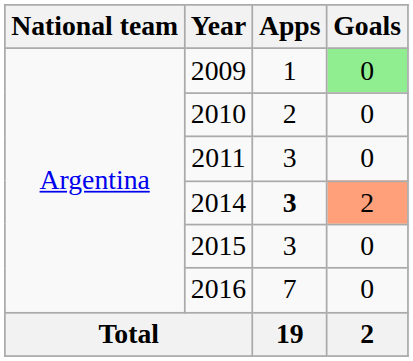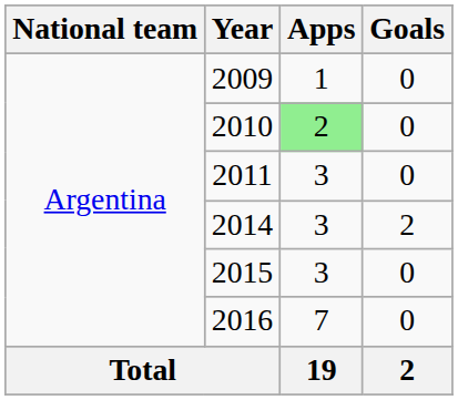 <table class="wikitable" style="text-align:center">
 <tr>
 <th>National team</th>
 <th>Year</th>
 <th>Apps</th>
 <th>Goals</th>
 </tr>
 <tr>
 <td rowspan="6"><a href='#'>Argentina</a></td>
 <td>2009</td>
 <td>1</td>
-<td style="background: lightgreen;">0</td>
+<td>0</td>
 </tr>
 <tr>
 <td>2010</td>
-<td>2</td>
+<td style="background: lightgreen;">2</td>
 <td>0</td>
 </tr>
 <tr>
 <td>2011</td>
 <td>3</td>
 <td>0</td>
 </tr>
 <tr>
 <td>2014</td>
-<td><strong>3</strong></td>
-<td style="background: lightsalmon;">2</td>
+<td>3</td>
+<td>2</td>
 </tr>
 <tr>
 <td>2015</td>
 <td>3</td>
 <td>0</td>
 </tr>
 <tr>
 <td>2016</td>
 <td>7</td>
 <td>0</td>
 </tr>
 <tr>
 <th colspan="2">Total</th>
 <th>19</th>
 <th>2</th>
 </tr>
 </table>
